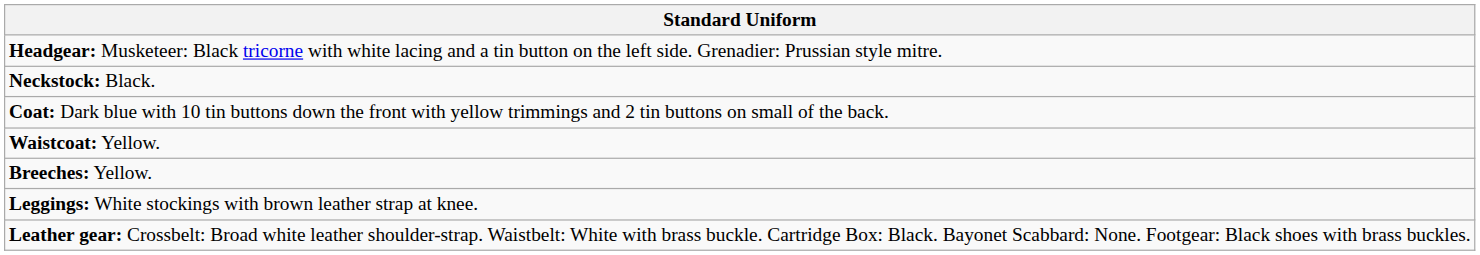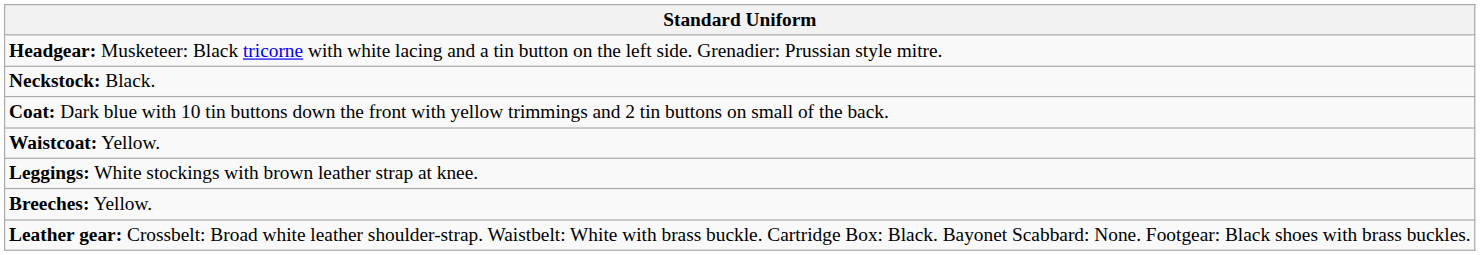 <table class="wikitable">
 <tr>
 <th><strong>Standard Uniform</strong></th>
 </tr>
 <tr>
 <td><strong>Headgear:</strong> Musketeer: Black <a href='#'>tricorne</a> with white lacing and a tin button on the left side. Grenadier: Prussian style mitre.</td>
 </tr>
 <tr>
 <td><strong>Neckstock:</strong> Black.</td>
 </tr>
 <tr>
 <td><strong>Coat:</strong> Dark blue with 10 tin buttons down the front with yellow trimmings and 2 tin buttons on small of the back.</td>
 </tr>
 <tr>
 <td><strong>Waistcoat:</strong> Yellow.</td>
 </tr>
 <tr>
-<td><strong>Breeches:</strong> Yellow.</td>
+<td><strong>Leggings:</strong> White stockings with brown leather strap at knee.</td>
 </tr>
 <tr>
-<td><strong>Leggings:</strong> White stockings with brown leather strap at knee.</td>
+<td><strong>Breeches:</strong> Yellow.</td>
 </tr>
 <tr>
 <td><strong>Leather gear:</strong> Crossbelt: Broad white leather shoulder-strap. Waistbelt: White with brass buckle. Cartridge Box: Black. Bayonet Scabbard: None. Footgear: Black shoes with brass buckles.</td>
 </tr>
 </table>
